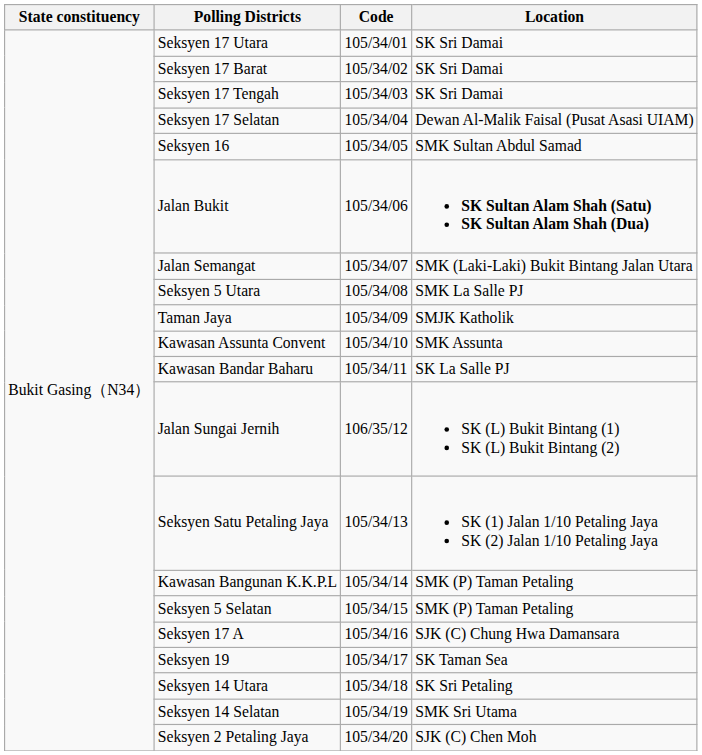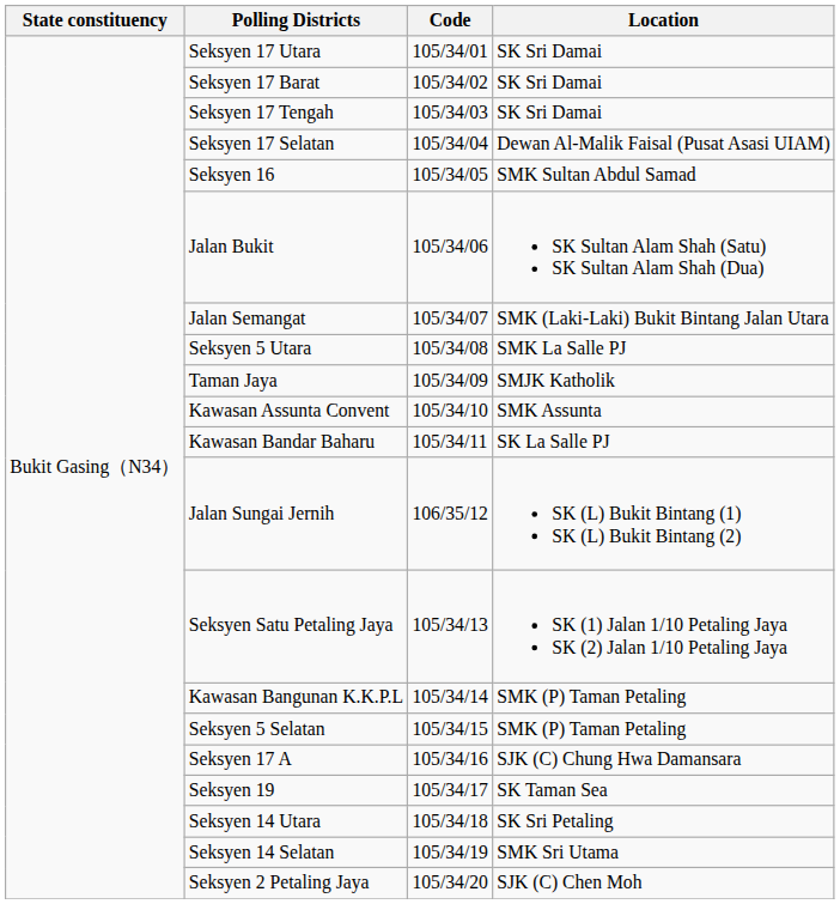 <table class="wikitable sortable mw-collapsible" style="white-space:nowrap;font-size:85%">
 <tr>
 <th>State constituency</th>
 <th>Polling Districts</th>
 <th>Code</th>
 <th>Location</th>
 </tr>
 <tr>
 <td rowspan="20">Bukit Gasing（N34）</td>
 <td>Seksyen 17 Utara</td>
 <td>105/34/01</td>
 <td>SK Sri Damai</td>
 </tr>
 <tr>
 <td>Seksyen 17 Barat</td>
 <td>105/34/02</td>
 <td>SK Sri Damai</td>
 </tr>
 <tr>
 <td>Seksyen 17 Tengah</td>
 <td>105/34/03</td>
 <td>SK Sri Damai</td>
 </tr>
 <tr>
 <td>Seksyen 17 Selatan</td>
 <td>105/34/04</td>
 <td>Dewan Al-Malik Faisal (Pusat Asasi UIAM)</td>
 </tr>
 <tr>
 <td>Seksyen 16</td>
 <td>105/34/05</td>
 <td>SMK Sultan Abdul Samad</td>
 </tr>
 <tr>
 <td>Jalan Bukit</td>
 <td>105/34/06</td>
-<td><strong><br><ul><li>SK Sultan Alam Shah (Satu)</li><li>SK Sultan Alam Shah (Dua)</li></ul></strong></td>
+<td><br><ul><li>SK Sultan Alam Shah (Satu)</li><li>SK Sultan Alam Shah (Dua)</li></ul></td>
 </tr>
 <tr>
 <td>Jalan Semangat</td>
 <td>105/34/07</td>
 <td>SMK (Laki-Laki) Bukit Bintang Jalan Utara</td>
 </tr>
 <tr>
 <td>Seksyen 5 Utara</td>
 <td>105/34/08</td>
 <td>SMK La Salle PJ</td>
 </tr>
 <tr>
 <td>Taman Jaya</td>
 <td>105/34/09</td>
 <td>SMJK Katholik</td>
 </tr>
 <tr>
 <td>Kawasan Assunta Convent</td>
 <td>105/34/10</td>
 <td>SMK Assunta</td>
 </tr>
 <tr>
 <td>Kawasan Bandar Baharu</td>
 <td>105/34/11</td>
 <td>SK La Salle PJ</td>
 </tr>
 <tr>
 <td>Jalan Sungai Jernih</td>
 <td>106/35/12</td>
 <td><br><ul><li>SK (L) Bukit Bintang (1)</li><li>SK (L) Bukit Bintang (2)</li></ul></td>
 </tr>
 <tr>
 <td>Seksyen Satu Petaling Jaya</td>
 <td>105/34/13</td>
 <td><br><ul><li>SK (1) Jalan 1/10 Petaling Jaya</li><li>SK (2) Jalan 1/10 Petaling Jaya</li></ul></td>
 </tr>
 <tr>
 <td>Kawasan Bangunan K.K.P.L</td>
 <td>105/34/14</td>
 <td>SMK (P) Taman Petaling</td>
 </tr>
 <tr>
 <td>Seksyen 5 Selatan</td>
 <td>105/34/15</td>
 <td>SMK (P) Taman Petaling</td>
 </tr>
 <tr>
 <td>Seksyen 17 A</td>
 <td>105/34/16</td>
 <td>SJK (C) Chung Hwa Damansara</td>
 </tr>
 <tr>
 <td>Seksyen 19</td>
 <td>105/34/17</td>
 <td>SK Taman Sea</td>
 </tr>
 <tr>
 <td>Seksyen 14 Utara</td>
 <td>105/34/18</td>
 <td>SK Sri Petaling</td>
 </tr>
 <tr>
 <td>Seksyen 14 Selatan</td>
 <td>105/34/19</td>
 <td>SMK Sri Utama</td>
 </tr>
 <tr>
 <td>Seksyen 2 Petaling Jaya</td>
 <td>105/34/20</td>
 <td>SJK (C) Chen Moh</td>
 </tr>
 </table>
